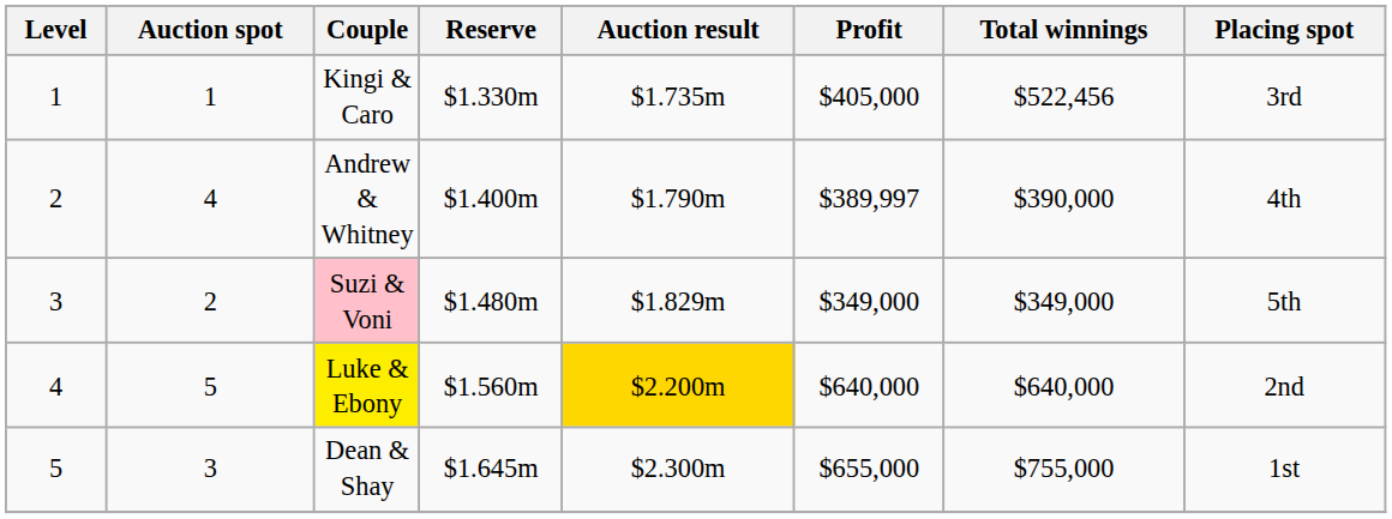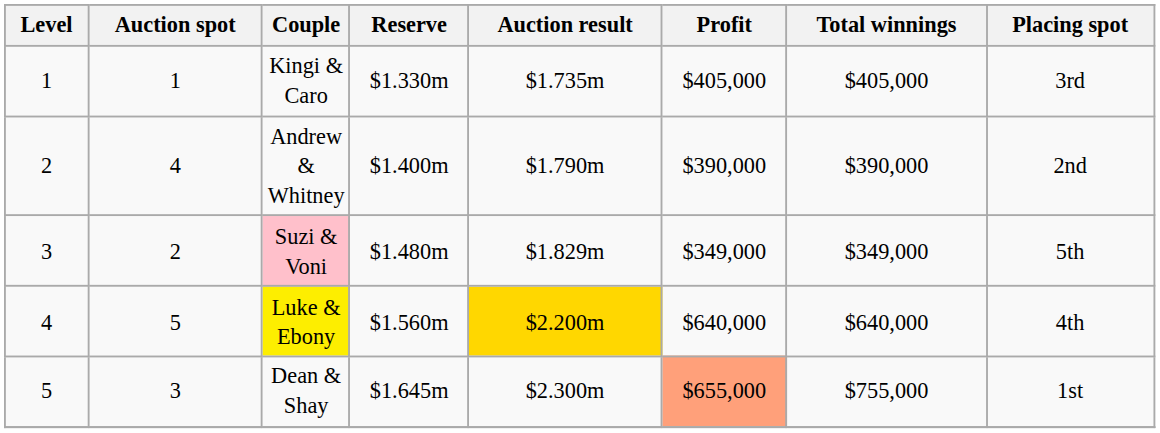 <table class="wikitable" style="text-align: center; font-size: 9pt; line-height:16px; width:70%" |>
 <tr>
 <th>Level</th>
 <th>Auction spot</th>
 <th>Couple</th>
 <th>Reserve</th>
 <th>Auction result</th>
 <th>Profit</th>
 <th>Total winnings</th>
 <th>Placing spot</th>
 </tr>
 <tr>
 <td>1</td>
 <td style="text-align:center">1</td>
 <td style="width:5%;" scope="col" style="background:#FF0800; color:black;">Kingi & Caro</td>
 <td style="text-align:center">$1.330m</td>
 <td style="text-align:center">$1.735m</td>
 <td style="text-align:center">$405,000</td>
-<td style="text-align:center">$522,456</td>
+<td style="text-align:center">$405,000</td>
 <td style="text-align:center">3rd</td>
 </tr>
 <tr>
 <td>2</td>
 <td style="text-align:center">4</td>
 <td style="width:5%;" scope="col" style="background:Black; background-color:orange">Andrew & Whitney</td>
 <td style="text-align:center">$1.400m</td>
 <td style="text-align:center">$1.790m</td>
-<td style="text-align:center">$389,997</td>
 <td style="text-align:center">$390,000</td>
-<td style="text-align:center">4th</td>
+<td style="text-align:center">$390,000</td>
+<td style="text-align:center">2nd</td>
 </tr>
 <tr>
 <td>3</td>
 <td style="text-align:center">2</td>
 <td style="background-color:pink;">Suzi & Voni</td>
 <td style="text-align:center">$1.480m</td>
 <td style="text-align:center">$1.829m</td>
 <td style="text-align:center">$349,000</td>
 <td style="text-align:center">$349,000</td>
 <td style="text-align:center">5th</td>
 </tr>
 <tr>
 <td>4</td>
 <td style="text-align:center">5</td>
 <td style='background:#FDEE00;'>Luke & Ebony</td>
 <td style="text-align:center">$1.560m</td>
 <td style="background: gold; text-align:center">$2.200m</td>
 <td style="text-align:center">$640,000</td>
 <td style="text-align:center">$640,000</td>
-<td style="text-align:center">2nd</td>
+<td style="text-align:center">4th</td>
 </tr>
 <tr>
 <td>5</td>
 <td style="text-align:center">3</td>
 <td style="width:5%;" scope="col" style="background:#00BFFF; color:black;">Dean & Shay</td>
 <td style="text-align:center">$1.645m</td>
 <td style="text-align:center">$2.300m</td>
-<td style="text-align:center">$655,000</td>
+<td style="background: lightsalmon; text-align:center">$655,000</td>
 <td style="text-align:center">$755,000</td>
 <td style="text-align:center">1st</td>
 </tr>
 <tr>
 </tr>
 </table>
